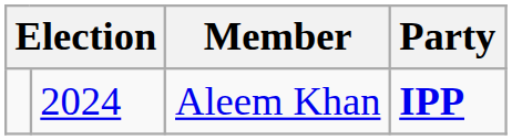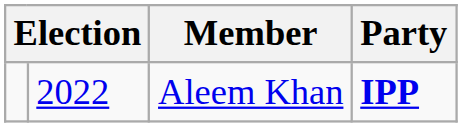 <table class="wikitable">
 <tr>
 <th colspan="2">Election</th>
 <th>Member</th>
 <th>Party</th>
 </tr>
 <tr>
 <td style="background-color: "></td>
-<td><a href='#'>2024</a></td>
+<td><a href='#'>2022</a></td>
 <td><a href='#'>Aleem Khan</a></td>
 <td><strong><a href='#'>IPP</a></strong></td>
 </tr>
 </table>
